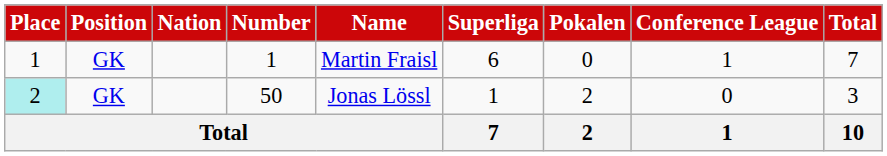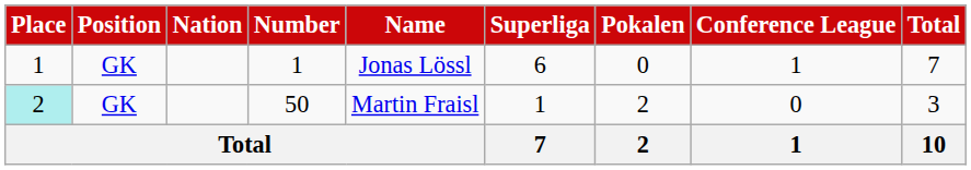 <table class="wikitable" style="font-size: 95%; text-align: center">
 <tr>
 <th style="background:#cc0609; color:white; text-align:center;"!width=80>Place</th>
 <th style="background:#cc0609; color:white; text-align:center;"!width=80>Position</th>
 <th style="background:#cc0609; color:white; text-align:center;"!width=80>Nation</th>
 <th style="background:#cc0609; color:white; text-align:center;"!width=80>Number</th>
 <th style="background:#cc0609; color:white; text-align:center;"!width=150>Name</th>
 <th style="background:#cc0609; color:white; text-align:center;"!width=150>Superliga</th>
 <th style="background:#cc0609; color:white; text-align:center;"!width=150>Pokalen</th>
 <th style="background:#cc0609; color:white; text-align:center;"!width=150>Conference League</th>
 <th style="background:#cc0609; color:white; text-align:center;"!width=80>Total</th>
 </tr>
 <tr>
 <td>1</td>
 <td><a href='#'>GK</a></td>
 <td></td>
 <td>1</td>
-<td><a href='#'>Martin Fraisl</a></td>
+<td><a href='#'>Jonas Lössl</a></td>
 <td>6</td>
 <td>0</td>
 <td>1</td>
 <td>7</td>
 </tr>
 <tr>
 <td style="background: paleturquoise;">2</td>
 <td><a href='#'>GK</a></td>
 <td></td>
 <td>50</td>
-<td><a href='#'>Jonas Lössl</a></td>
+<td><a href='#'>Martin Fraisl</a></td>
 <td>1</td>
 <td>2</td>
 <td>0</td>
 <td>3</td>
 </tr>
 <tr>
 <th colspan=5>Total</th>
 <th>7</th>
 <th>2</th>
 <th>1</th>
 <th>10</th>
 </tr>
 </table>
